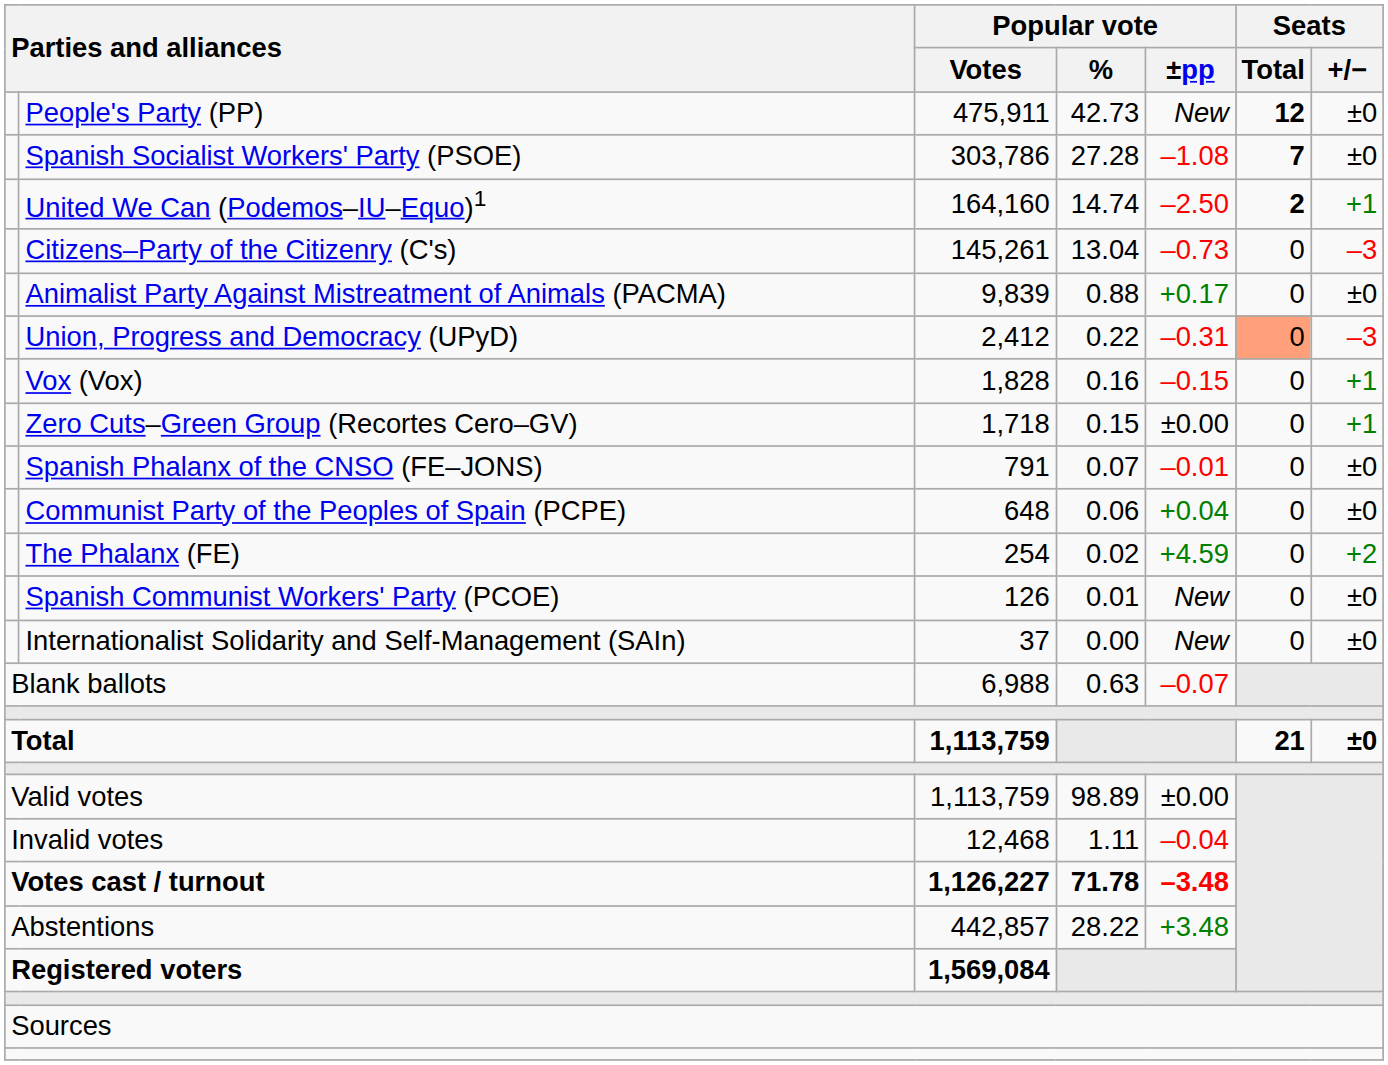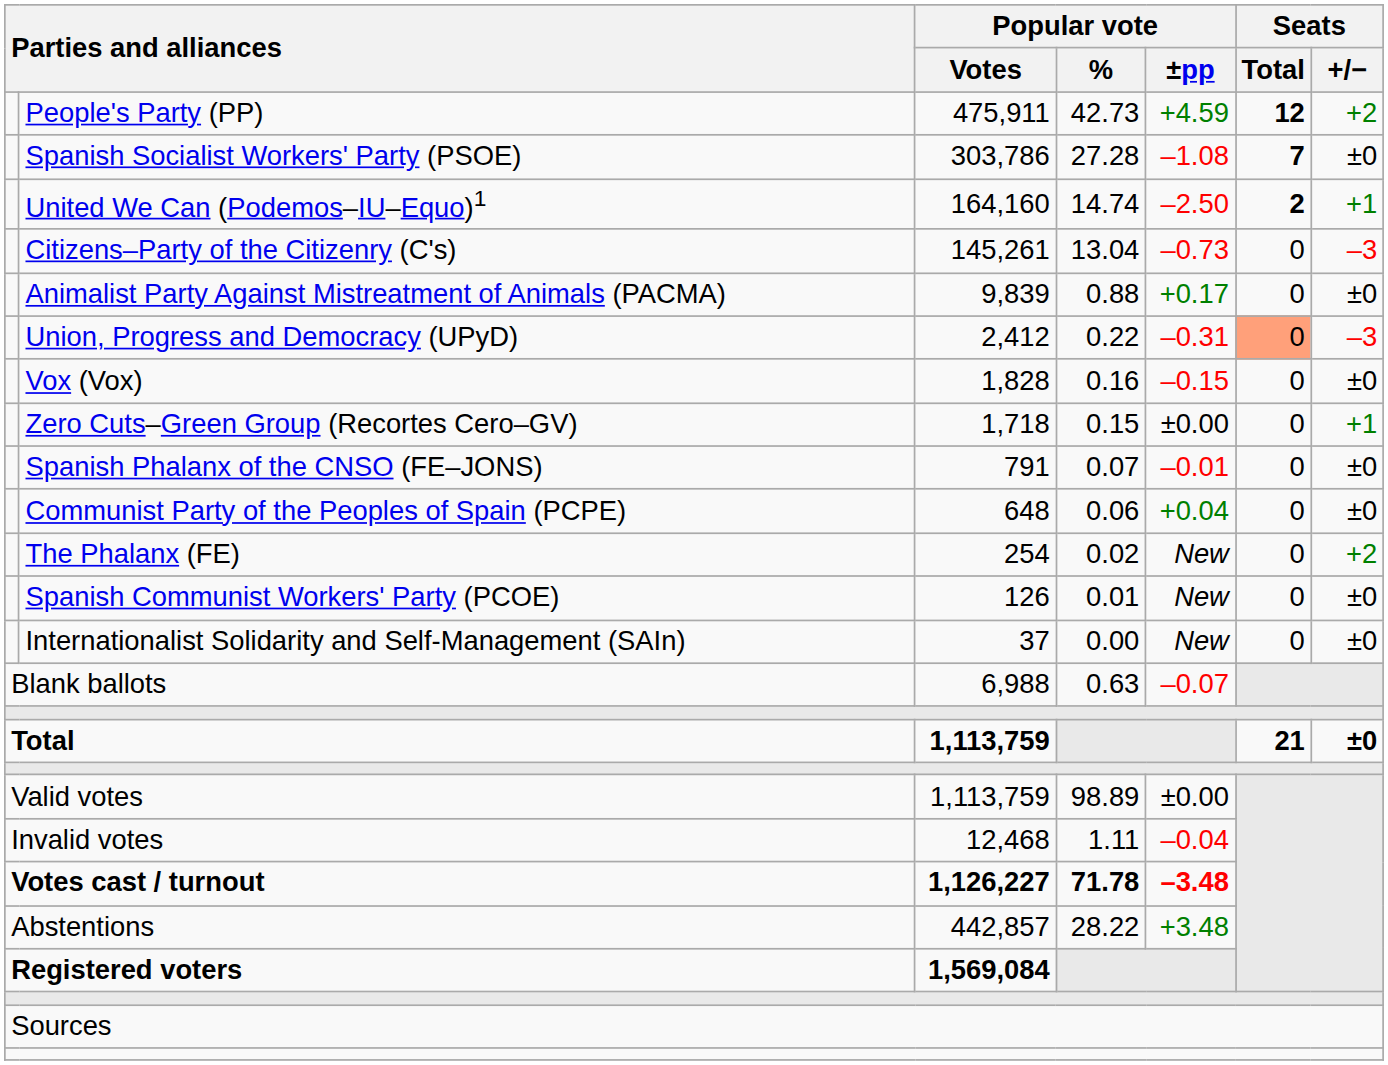 <table class="wikitable" style="text-align:right;">
 <tr>
 <th style="text-align:left;" rowspan="2" colspan="2" width="525">Parties and alliances</th>
 <th colspan="3">Popular vote</th>
 <th colspan="2">Seats</th>
 </tr>
 <tr>
 <th width="75">Votes</th>
 <th width="45">%</th>
 <th width="45">±<a href='#'>pp</a></th>
 <th width="35">Total</th>
 <th width="35">+/−</th>
 </tr>
 <tr>
 <td width="1" style="color:inherit;background:"></td>
 <td align="left"><a href='#'>People's Party</a> (PP)</td>
 <td>475,911</td>
 <td>42.73</td>
-<td><em>New</em></td>
+<td style="color:green;">+4.59</td>
 <td><strong>12</strong></td>
-<td>±0</td>
+<td style="color:green;">+2</td>
 </tr>
 <tr>
 <td style="color:inherit;background:"></td>
 <td align="left"><a href='#'>Spanish Socialist Workers' Party</a> (PSOE)</td>
 <td>303,786</td>
 <td>27.28</td>
 <td style="color:red;">–1.08</td>
 <td><strong>7</strong></td>
 <td>±0</td>
 </tr>
 <tr>
 <td style="color:inherit;background:"></td>
 <td align="left"><a href='#'>United We Can</a> (<a href='#'>Podemos</a>–<a href='#'>IU</a>–<a href='#'>Equo</a>)<sup>1</sup></td>
 <td>164,160</td>
 <td>14.74</td>
 <td style="color:red;">–2.50</td>
 <td><strong>2</strong></td>
 <td style="color:green;">+1</td>
 </tr>
 <tr>
 <td style="color:inherit;background:"></td>
 <td align="left"><a href='#'>Citizens–Party of the Citizenry</a> (C's)</td>
 <td>145,261</td>
 <td>13.04</td>
 <td style="color:red;">–0.73</td>
 <td>0</td>
 <td style="color:red;">–3</td>
 </tr>
 <tr>
 <td style="color:inherit;background:"></td>
 <td align="left"><a href='#'>Animalist Party Against Mistreatment of Animals</a> (PACMA)</td>
 <td>9,839</td>
 <td>0.88</td>
 <td style="color:green;">+0.17</td>
 <td>0</td>
 <td>±0</td>
 </tr>
 <tr>
 <td style="color:inherit;background:"></td>
 <td align="left"><a href='#'>Union, Progress and Democracy</a> (UPyD)</td>
 <td>2,412</td>
 <td>0.22</td>
 <td style="color:red;">–0.31</td>
 <td style="background: lightsalmon;">0</td>
 <td style="color:red;">–3</td>
 </tr>
 <tr>
 <td style="color:inherit;background:"></td>
 <td align="left"><a href='#'>Vox</a> (Vox)</td>
 <td>1,828</td>
 <td>0.16</td>
 <td style="color:red;">–0.15</td>
 <td>0</td>
-<td style="color:green;">+1</td>
+<td>±0</td>
 </tr>
 <tr>
 <td style="color:inherit;background:"></td>
 <td align="left"><a href='#'>Zero Cuts</a>–<a href='#'>Green Group</a> (Recortes Cero–GV)</td>
 <td>1,718</td>
 <td>0.15</td>
 <td>±0.00</td>
 <td>0</td>
 <td style="color:green;">+1</td>
 </tr>
 <tr>
 <td style="color:inherit;background:"></td>
 <td align="left"><a href='#'>Spanish Phalanx of the CNSO</a> (FE–JONS)</td>
 <td>791</td>
 <td>0.07</td>
 <td style="color:red;">–0.01</td>
 <td>0</td>
 <td>±0</td>
 </tr>
 <tr>
 <td style="color:inherit;background:"></td>
 <td align="left"><a href='#'>Communist Party of the Peoples of Spain</a> (PCPE)</td>
 <td>648</td>
 <td>0.06</td>
 <td style="color:green;">+0.04</td>
 <td>0</td>
 <td>±0</td>
 </tr>
 <tr>
 <td style="color:inherit;background:"></td>
 <td align="left"><a href='#'>The Phalanx</a> (FE)</td>
 <td>254</td>
 <td>0.02</td>
-<td style="color:green;">+4.59</td>
+<td><em>New</em></td>
 <td>0</td>
 <td style="color:green;">+2</td>
 </tr>
 <tr>
 <td style="color:inherit;background:"></td>
 <td align="left"><a href='#'>Spanish Communist Workers' Party</a> (PCOE)</td>
 <td>126</td>
 <td>0.01</td>
 <td><em>New</em></td>
 <td>0</td>
 <td>±0</td>
 </tr>
 <tr>
 <td style="color:inherit;background:"></td>
 <td align="left">Internationalist Solidarity and Self-Management (SAIn)</td>
 <td>37</td>
 <td>0.00</td>
 <td><em>New</em></td>
 <td>0</td>
 <td>±0</td>
 </tr>
 <tr>
 <td align="left" colspan="2">Blank ballots</td>
 <td>6,988</td>
 <td>0.63</td>
 <td style="color:red;">–0.07</td>
 <td bgcolor="#E9E9E9" colspan="2"></td>
 </tr>
 <tr>
 <td colspan="7" bgcolor="#E9E9E9"></td>
 </tr>
 <tr style="font-weight:bold;">
 <td align="left" colspan="2">Total</td>
 <td>1,113,759</td>
 <td bgcolor="#E9E9E9" colspan="2"></td>
 <td>21</td>
 <td>±0</td>
 </tr>
 <tr>
 <td colspan="7" bgcolor="#E9E9E9"></td>
 </tr>
 <tr>
 <td align="left" colspan="2">Valid votes</td>
 <td>1,113,759</td>
 <td>98.89</td>
 <td>±0.00</td>
 <td bgcolor="#E9E9E9" colspan="2" rowspan="5"></td>
 </tr>
 <tr>
 <td align="left" colspan="2">Invalid votes</td>
 <td>12,468</td>
 <td>1.11</td>
 <td style="color:red;">–0.04</td>
 </tr>
 <tr style="font-weight:bold;">
 <td align="left" colspan="2">Votes cast / turnout</td>
 <td>1,126,227</td>
 <td>71.78</td>
 <td style="color:red;">–3.48</td>
 </tr>
 <tr>
 <td align="left" colspan="2">Abstentions</td>
 <td>442,857</td>
 <td>28.22</td>
 <td style="color:green;">+3.48</td>
 </tr>
 <tr style="font-weight:bold;">
 <td align="left" colspan="2">Registered voters</td>
 <td>1,569,084</td>
 <td bgcolor="#E9E9E9" colspan="2"></td>
 </tr>
 <tr>
 <td colspan="7" bgcolor="#E9E9E9"></td>
 </tr>
 <tr>
 <td align="left" colspan="7">Sources</td>
 </tr>
 <tr>
 <td colspan="7" style="text-align:left; max-width:790px;"></td>
 </tr>
 </table>
